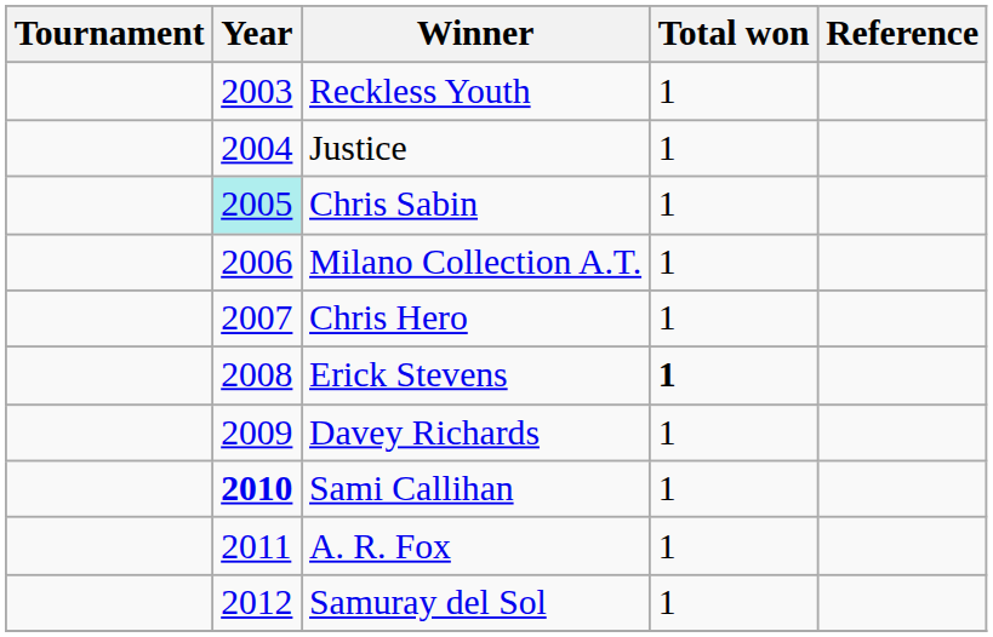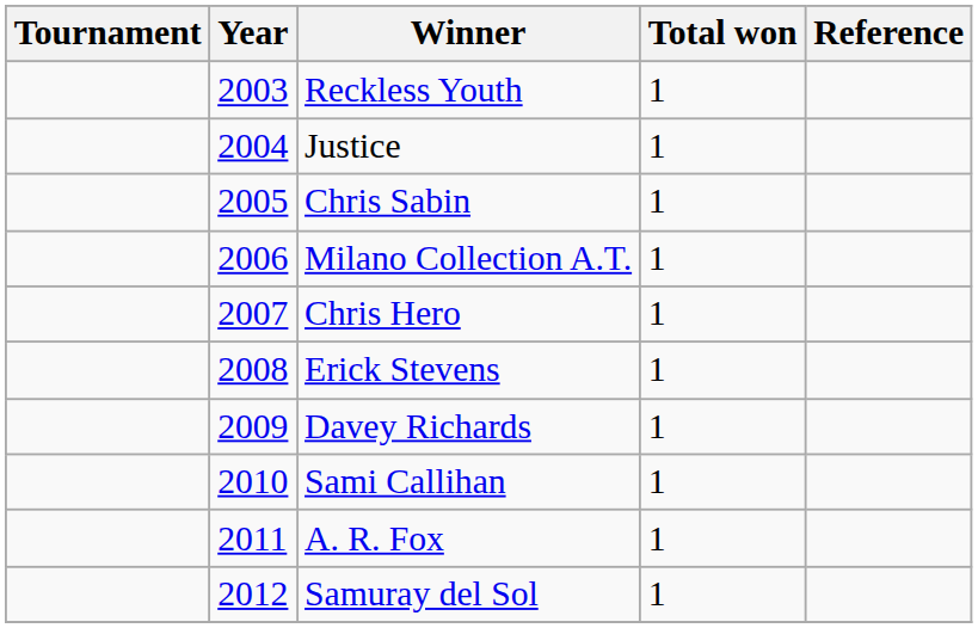 <table class="wikitable sortable">
 <tr>
 <th>Tournament</th>
 <th>Year</th>
 <th>Winner</th>
 <th>Total won</th>
 <th>Reference</th>
 </tr>
 <tr>
 <td></td>
 <td><a href='#'>2003</a></td>
 <td><a href='#'>Reckless Youth</a></td>
 <td>1</td>
 <td></td>
 </tr>
 <tr>
 <td></td>
 <td><a href='#'>2004</a></td>
 <td>Justice</td>
 <td>1</td>
 <td></td>
 </tr>
 <tr>
 <td></td>
-<td style="background: paleturquoise;"><a href='#'>2005</a></td>
+<td><a href='#'>2005</a></td>
 <td><a href='#'>Chris Sabin</a></td>
 <td>1</td>
 <td></td>
 </tr>
 <tr>
 <td></td>
 <td><a href='#'>2006</a></td>
 <td><a href='#'>Milano Collection A.T.</a></td>
 <td>1</td>
 <td></td>
 </tr>
 <tr>
 <td></td>
 <td><a href='#'>2007</a></td>
 <td><a href='#'>Chris Hero</a></td>
 <td>1</td>
 <td></td>
 </tr>
 <tr>
 <td></td>
 <td><a href='#'>2008</a></td>
 <td><a href='#'>Erick Stevens</a></td>
-<td><strong>1</strong></td>
+<td>1</td>
 <td></td>
 </tr>
 <tr>
 <td></td>
 <td><a href='#'>2009</a></td>
 <td><a href='#'>Davey Richards</a></td>
 <td>1</td>
 <td></td>
 </tr>
 <tr>
 <td></td>
-<td><strong><a href='#'>2010</a></strong></td>
+<td><a href='#'>2010</a></td>
 <td><a href='#'>Sami Callihan</a></td>
 <td>1</td>
 <td></td>
 </tr>
 <tr>
 <td></td>
 <td><a href='#'>2011</a></td>
 <td><a href='#'>A. R. Fox</a></td>
 <td>1</td>
 <td></td>
 </tr>
 <tr>
 <td></td>
 <td><a href='#'>2012</a></td>
 <td><a href='#'>Samuray del Sol</a></td>
 <td>1</td>
 <td></td>
 </tr>
 <tr>
 </tr>
 </table>
